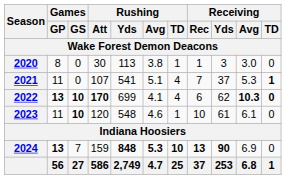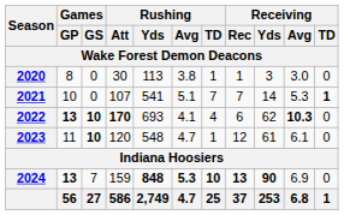 <table class=wikitable style="text-align:center;">
 <tr>
 <th rowspan="2">Season</th>
 <th colspan="2">Games</th>
 <th colspan="4">Rushing</th>
 <th colspan="4">Receiving</th>
 </tr>
 <tr>
 <th>GP</th>
 <th>GS</th>
 <th>Att</th>
 <th>Yds</th>
 <th>Avg</th>
 <th>TD</th>
 <th>Rec</th>
 <th>Yds</th>
 <th>Avg</th>
 <th>TD</th>
 </tr>
 <tr>
 <th colspan="11">Wake Forest Demon Deacons</th>
 </tr>
 <tr>
 <th><a href='#'>2020</a></th>
 <td>8</td>
 <td>0</td>
 <td>30</td>
 <td>113</td>
 <td>3.8</td>
 <td>1</td>
 <td>1</td>
 <td>3</td>
 <td>3.0</td>
 <td>0</td>
 </tr>
 <tr>
 <th><a href='#'>2021</a></th>
-<td>11</td>
+<td>10</td>
 <td>0</td>
 <td>107</td>
 <td>541</td>
 <td>5.1</td>
-<td>4</td>
 <td>7</td>
-<td>37</td>
+<td>7</td>
+<td>14</td>
 <td>5.3</td>
 <td><strong>1</strong></td>
 </tr>
 <tr>
 <th><a href='#'>2022</a></th>
 <td><strong>13</strong></td>
 <td><strong>10</strong></td>
 <td><strong>170</strong></td>
-<td>699</td>
+<td>693</td>
 <td>4.1</td>
 <td>4</td>
 <td>6</td>
 <td>62</td>
 <td><strong>10.3</strong></td>
-<td><strong>0</strong></td>
+<td>0</td>
 </tr>
 <tr>
 <th><a href='#'>2023</a></th>
 <td>11</td>
 <td><strong>10</strong></td>
 <td>120</td>
 <td>548</td>
-<td>4.6</td>
+<td>4.7</td>
 <td>1</td>
-<td>10</td>
+<td>12</td>
 <td>61</td>
 <td>6.1</td>
 <td>0</td>
 </tr>
 <tr>
 <th colspan="11">Indiana Hoosiers</th>
 </tr>
 <tr>
 <th><a href='#'>2024</a></th>
 <td><strong>13</strong></td>
 <td>7</td>
 <td>159</td>
 <td><strong>848</strong></td>
 <td><strong>5.3</strong></td>
 <td><strong>10</strong></td>
 <td><strong>13</strong></td>
 <td><strong>90</strong></td>
 <td>6.9</td>
 <td>0</td>
 </tr>
 <tr>
 <th></th>
 <th>56</th>
 <th>27</th>
 <th>586</th>
 <th>2,749</th>
 <th>4.7</th>
 <th>25</th>
 <th>37</th>
 <th>253</th>
 <th>6.8</th>
 <th>1</th>
 </tr>
 </table>
